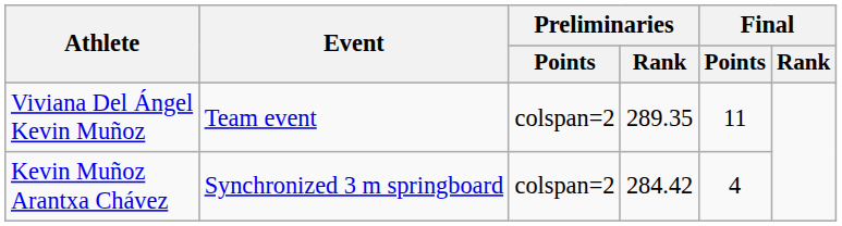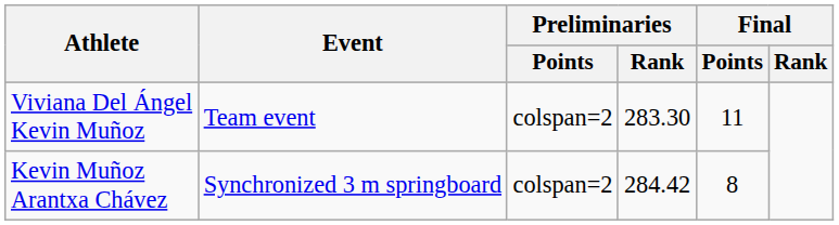 <table class="wikitable" style="text-align:center; font-size:90%">
 <tr>
 <th rowspan="2">Athlete</th>
 <th rowspan="2">Event</th>
 <th colspan="2">Preliminaries</th>
 <th colspan="2">Final</th>
 </tr>
 <tr style="font-size:95%">
 <th>Points</th>
 <th>Rank</th>
 <th>Points</th>
 <th>Rank</th>
 </tr>
 <tr>
 <td align=left><a href='#'>Viviana Del Ángel</a><br><a href='#'>Kevin Muñoz</a></td>
 <td align=left><a href='#'>Team event</a></td>
 <td>colspan=2 </td>
-<td>289.35</td>
+<td>283.30</td>
 <td>11</td>
 </tr>
 <tr>
 <td align=left><a href='#'>Kevin Muñoz</a><br><a href='#'>Arantxa Chávez</a></td>
 <td align=left><a href='#'>Synchronized 3 m springboard</a></td>
 <td>colspan=2 </td>
 <td>284.42</td>
-<td>4</td>
+<td>8</td>
 </tr>
 </table>
